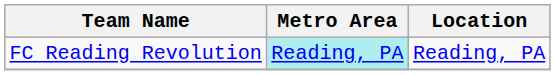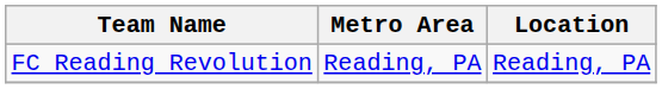 <table class="wikitable">
 <tr>
 <th>Team Name</th>
 <th>Metro Area</th>
 <th>Location</th>
 </tr>
 <tr>
 <td> <a href='#'>FC Reading Revolution</a></td>
-<td style="background: paleturquoise;"><a href='#'>Reading, PA</a></td>
+<td><a href='#'>Reading, PA</a></td>
 <td><a href='#'>Reading, PA</a></td>
 </tr>
 <tr>
 </tr>
 </table>
